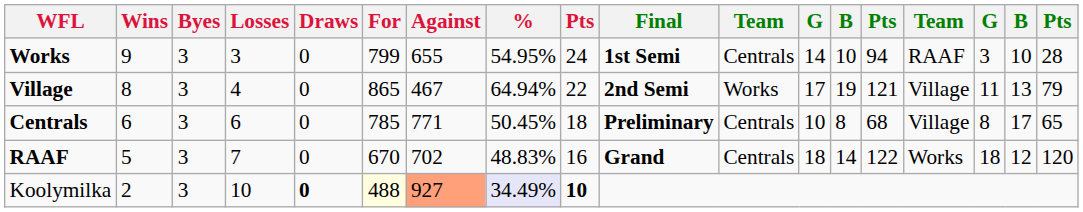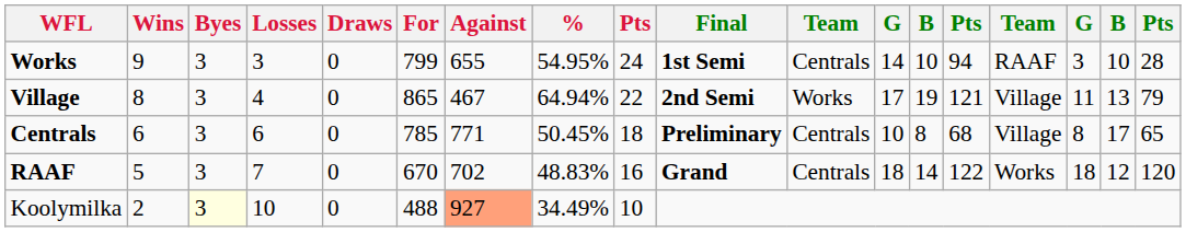 <table class="wikitable">
 <tr>
 <th style="color:crimson">WFL</th>
 <th style="color:crimson">Wins</th>
 <th style="color:crimson">Byes</th>
 <th style="color:crimson">Losses</th>
 <th style="color:crimson">Draws</th>
 <th style="color:crimson">For</th>
 <th style="color:crimson">Against</th>
 <th style="color:crimson">%</th>
 <th style="color:crimson">Pts</th>
 <th style="color:green">Final</th>
 <th style="color:green">Team</th>
 <th style="color:green">G</th>
 <th style="color:green">B</th>
 <th style="color:green">Pts</th>
 <th style="color:green">Team</th>
 <th style="color:green">G</th>
 <th style="color:green">B</th>
 <th style="color:green">Pts</th>
 </tr>
 <tr>
 <td><strong>	Works	</strong></td>
 <td>9</td>
 <td>3</td>
 <td>3</td>
 <td>0</td>
 <td>799</td>
 <td>655</td>
 <td>54.95%</td>
 <td>24</td>
 <td><strong>1st Semi</strong></td>
 <td>Centrals</td>
 <td>14</td>
 <td>10</td>
 <td>94</td>
 <td>RAAF</td>
 <td>3</td>
 <td>10</td>
 <td>28</td>
 </tr>
 <tr>
 <td><strong>	Village	</strong></td>
 <td>8</td>
 <td>3</td>
 <td>4</td>
 <td>0</td>
 <td>865</td>
 <td>467</td>
 <td>64.94%</td>
 <td>22</td>
 <td><strong>2nd Semi</strong></td>
 <td>Works</td>
 <td>17</td>
 <td>19</td>
 <td>121</td>
 <td>Village</td>
 <td>11</td>
 <td>13</td>
 <td>79</td>
 </tr>
 <tr>
 <td><strong>	Centrals	</strong></td>
 <td>6</td>
 <td>3</td>
 <td>6</td>
 <td>0</td>
 <td>785</td>
 <td>771</td>
 <td>50.45%</td>
 <td>18</td>
 <td><strong>Preliminary</strong></td>
 <td>Centrals</td>
 <td>10</td>
 <td>8</td>
 <td>68</td>
 <td>Village</td>
 <td>8</td>
 <td>17</td>
 <td>65</td>
 </tr>
 <tr>
 <td><strong>	RAAF	</strong></td>
 <td>5</td>
 <td>3</td>
 <td>7</td>
 <td>0</td>
 <td>670</td>
 <td>702</td>
 <td>48.83%</td>
 <td>16</td>
 <td><strong>Grand</strong></td>
 <td>Centrals</td>
 <td>18</td>
 <td>14</td>
 <td>122</td>
 <td>Works</td>
 <td>18</td>
 <td>12</td>
 <td>120</td>
 </tr>
 <tr>
 <td>Koolymilka</td>
 <td>2</td>
-<td>3</td>
+<td style="background: lightyellow;">3</td>
 <td>10</td>
-<td><strong>0</strong></td>
-<td style="background: lightyellow;">488</td>
+<td>0</td>
+<td>488</td>
 <td style="background: lightsalmon;">927</td>
-<td style="background: lavender;">34.49%</td>
-<td><strong>10</strong></td>
+<td>34.49%</td>
+<td>10</td>
 </tr>
 </table>
